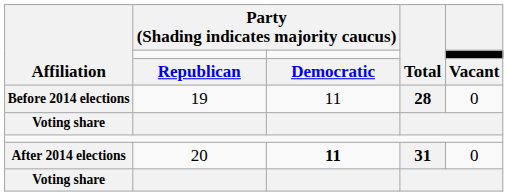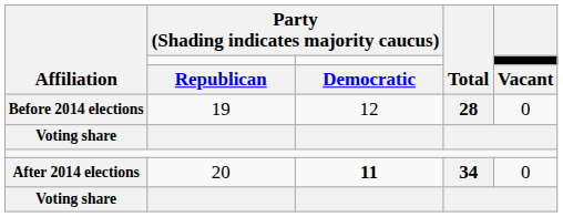 <table class=wikitable style="text-align:center">
 <tr style="vertical-align:bottom;">
 <th rowspan=3>Affiliation</th>
 <th colspan=2>Party <div>(Shading indicates majority caucus)</div></th>
 <th rowspan=3>Total</th>
 <th></th>
 </tr>
 <tr style="height:5px">
 <td style="background-color:"></td>
 <td style="background-color:"></td>
 <td style="background-color:black"></td>
 </tr>
 <tr>
 <th><a href='#'>Republican</a></th>
 <th><a href='#'>Democratic</a></th>
 <th>Vacant</th>
 </tr>
 <tr>
 <th nowrap style="font-size:80%">Before 2014 elections</th>
 <td>19</td>
-<td>11</td>
+<td>12</td>
 <th>28</th>
 <td>0</td>
 </tr>
 <tr>
 <th nowrap style="font-size:80%">Voting share</th>
 <th></th>
 <th></th>
 <th colspan=2></th>
 </tr>
 <tr>
 <td colspan=5></td>
 </tr>
 <tr>
 <th nowrap style="font-size:80%">After 2014 elections</th>
 <td>20</td>
 <td><strong>11</strong></td>
-<th>31</th>
+<th>34</th>
 <td>0</td>
 </tr>
 <tr>
 <th nowrap style="font-size:80%">Voting share</th>
 <th></th>
 <th></th>
 <th colspan=2></th>
 </tr>
 </table>
